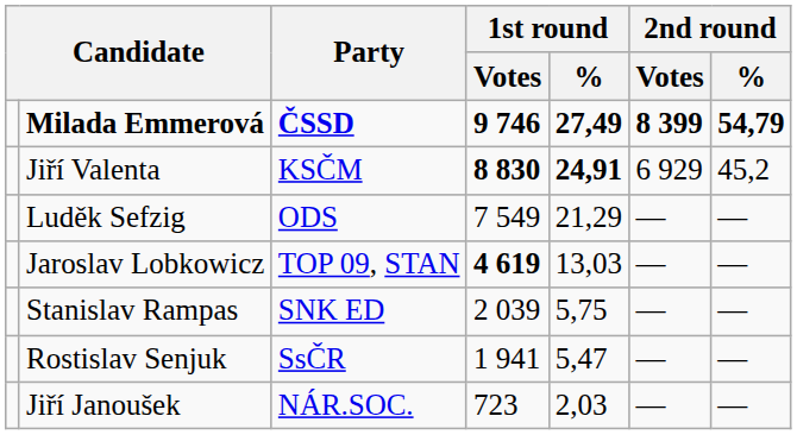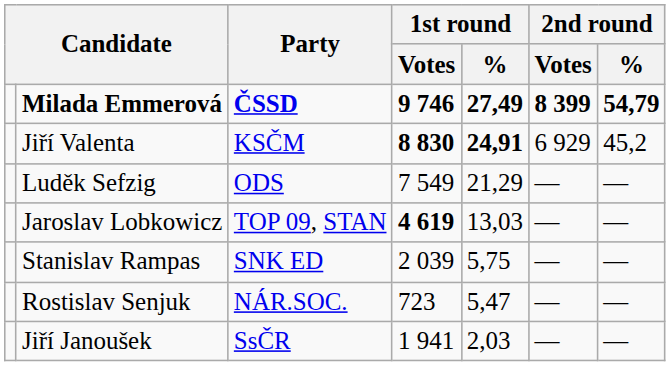 <table class="wikitable sortable">
 <tr>
 <th colspan="2" rowspan="2">Candidate</th>
 <th rowspan="2">Party</th>
 <th colspan="2">1st round</th>
 <th colspan="2">2nd round</th>
 </tr>
 <tr>
 <th>Votes</th>
 <th>%</th>
 <th>Votes</th>
 <th>%</th>
 </tr>
 <tr>
 <td style="background-color:"></td>
 <td><strong>Milada Emmerová</strong></td>
 <td><a href='#'><strong>ČSSD</strong></a></td>
 <td><strong>9 746</strong></td>
 <td><strong>27,49</strong></td>
 <td><strong>8 399</strong></td>
 <td><strong>54,79</strong></td>
 </tr>
 <tr>
 <td style="background-color:"></td>
 <td>Jiří Valenta</td>
 <td><a href='#'>KSČM</a></td>
 <td><strong>8 830</strong></td>
 <td><strong>24,91</strong></td>
 <td>6 929</td>
 <td>45,2</td>
 </tr>
 <tr>
 <td style="background-color:"></td>
 <td>Luděk Sefzig</td>
 <td><a href='#'>ODS</a></td>
 <td>7 549</td>
 <td>21,29</td>
 <td>—</td>
 <td>—</td>
 </tr>
 <tr>
 <td style="background-color:"></td>
 <td>Jaroslav Lobkowicz</td>
 <td><a href='#'>TOP 09</a>, <a href='#'>STAN</a></td>
 <td><strong>4 619</strong></td>
 <td>13,03</td>
 <td>—</td>
 <td>—</td>
 </tr>
 <tr>
 <td style="background-color:"></td>
 <td>Stanislav Rampas</td>
 <td><a href='#'>SNK ED</a></td>
 <td>2 039</td>
 <td>5,75</td>
 <td>—</td>
 <td>—</td>
 </tr>
 <tr>
 <td style="background-color:"></td>
 <td>Rostislav Senjuk</td>
-<td><a href='#'>SsČR</a></td>
-<td>1 941</td>
+<td><a href='#'>NÁR.SOC.</a></td>
+<td>723</td>
 <td>5,47</td>
 <td>—</td>
 <td>—</td>
 </tr>
 <tr>
 <td style="background-color:"></td>
 <td>Jiří Janoušek</td>
-<td><a href='#'>NÁR.SOC.</a></td>
-<td>723</td>
+<td><a href='#'>SsČR</a></td>
+<td>1 941</td>
 <td>2,03</td>
 <td>—</td>
 <td>—</td>
 </tr>
 </table>
